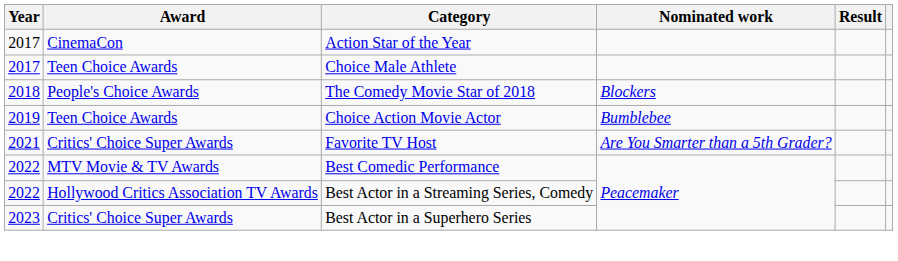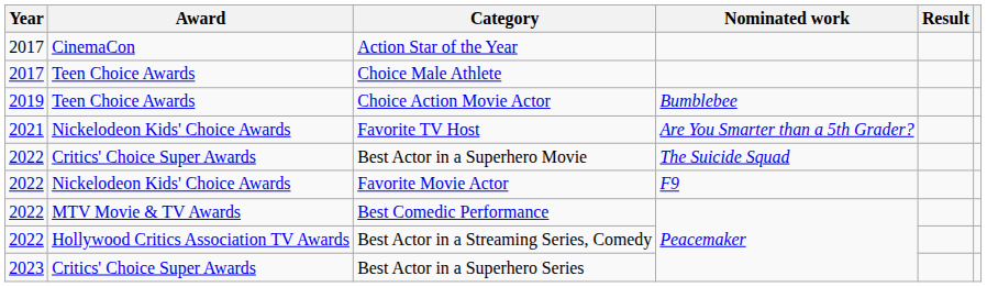 <table class="wikitable">
 <tr>
 <th>Year</th>
 <th>Award</th>
 <th>Category</th>
 <th>Nominated work</th>
 <th>Result</th>
 <th></th>
 </tr>
 <tr>
 <td>2017</td>
 <td><a href='#'>CinemaCon</a></td>
 <td><a href='#'>Action Star of the Year</a></td>
 <td></td>
 <td></td>
 <td></td>
 </tr>
 <tr>
 <td><a href='#'>2017</a></td>
 <td><a href='#'>Teen Choice Awards</a></td>
 <td><a href='#'>Choice Male Athlete</a></td>
 <td></td>
 <td></td>
 <td></td>
 </tr>
 <tr>
-<td><a href='#'>2018</a></td>
-<td><a href='#'>People's Choice Awards</a></td>
-<td><a href='#'>The Comedy Movie Star of 2018</a></td>
-<td><em><a href='#'>Blockers</a></em></td>
-<td></td>
-<td></td>
-</tr>
-<tr>
 <td><a href='#'>2019</a></td>
 <td><a href='#'>Teen Choice Awards</a></td>
 <td><a href='#'>Choice Action Movie Actor</a></td>
 <td><em><a href='#'>Bumblebee</a></em></td>
 <td></td>
 <td></td>
 </tr>
 <tr>
 <td><a href='#'>2021</a></td>
-<td><a href='#'>Critics' Choice Super Awards</a></td>
+<td><a href='#'>Nickelodeon Kids' Choice Awards</a></td>
 <td><a href='#'>Favorite TV Host</a></td>
 <td><em><a href='#'>Are You Smarter than a 5th Grader?</a></em></td>
 <td></td>
 <td></td>
+</tr>
+<tr>
+<td><a href='#'>2022</a></td>
+<td><a href='#'>Critics' Choice Super Awards</a></td>
+<td>Best Actor in a Superhero Movie</td>
+<td><em><a href='#'>The Suicide Squad</a></em></td>
+<td></td>
+<td style="text-align:center;"></td>
+</tr>
+<tr>
+<td><a href='#'>2022</a></td>
+<td><a href='#'>Nickelodeon Kids' Choice Awards</a></td>
+<td><a href='#'>Favorite Movie Actor</a></td>
+<td><em><a href='#'>F9</a></em></td>
+<td></td>
+<td style="text-align:center;"></td>
 </tr>
 <tr>
 <td><a href='#'>2022</a></td>
 <td><a href='#'>MTV Movie & TV Awards</a></td>
 <td><a href='#'>Best Comedic Performance</a></td>
 <td rowspan="3"><em><a href='#'>Peacemaker</a></em></td>
 <td></td>
 <td style="text-align:center;"></td>
 </tr>
 <tr>
 <td><a href='#'>2022</a></td>
 <td><a href='#'>Hollywood Critics Association TV Awards</a></td>
 <td>Best Actor in a Streaming Series, Comedy</td>
 <td></td>
 <td></td>
 </tr>
 <tr>
 <td><a href='#'>2023</a></td>
 <td><a href='#'>Critics' Choice Super Awards</a></td>
 <td>Best Actor in a Superhero Series</td>
 <td></td>
 <td style="text-align:center;"></td>
 </tr>
 </table>
